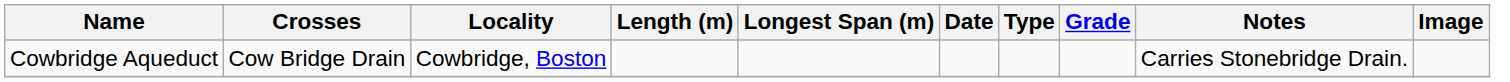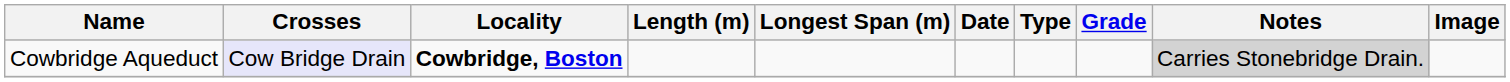 <table class="wikitable sortable">
 <tr>
 <th>Name</th>
 <th>Crosses</th>
 <th>Locality</th>
 <th>Length (m)</th>
 <th>Longest Span (m)</th>
 <th>Date</th>
 <th>Type</th>
 <th><a href='#'>Grade</a></th>
 <th class="unsortable">Notes</th>
 <th class="unsortable">Image</th>
 </tr>
 <tr>
 <td>Cowbridge Aqueduct</td>
-<td>Cow Bridge Drain</td>
-<td>Cowbridge, <a href='#'>Boston</a></td>
+<td style="background: lavender;">Cow Bridge Drain</td>
+<td><strong>Cowbridge, <a href='#'>Boston</a></strong></td>
 <td></td>
 <td></td>
 <td></td>
 <td></td>
 <td></td>
-<td>Carries Stonebridge Drain.</td>
+<td style="background: lightgrey;">Carries Stonebridge Drain.</td>
 <td></td>
 </tr>
 <tr>
 </tr>
 </table>
